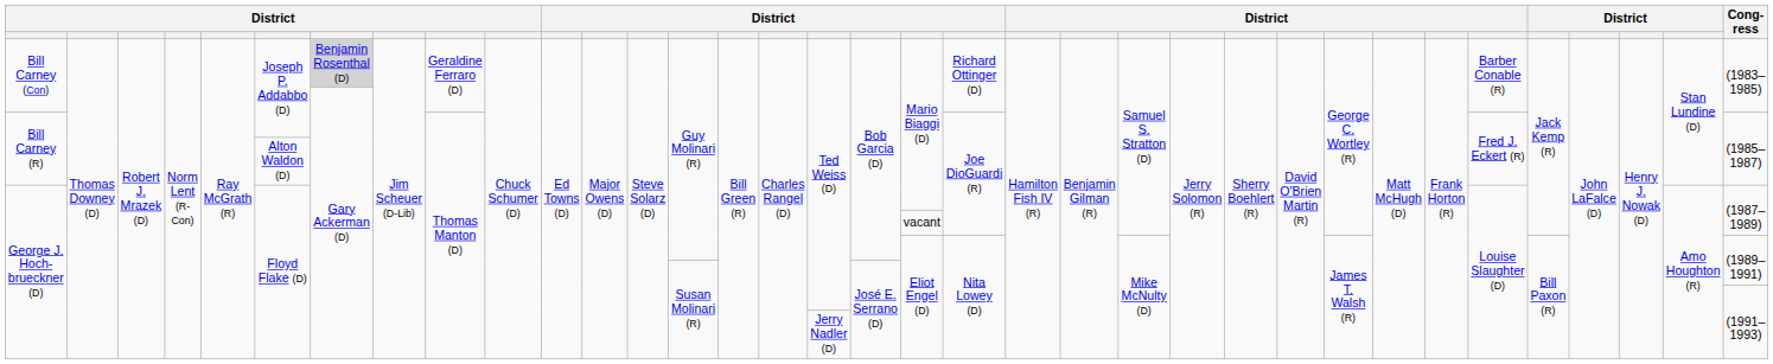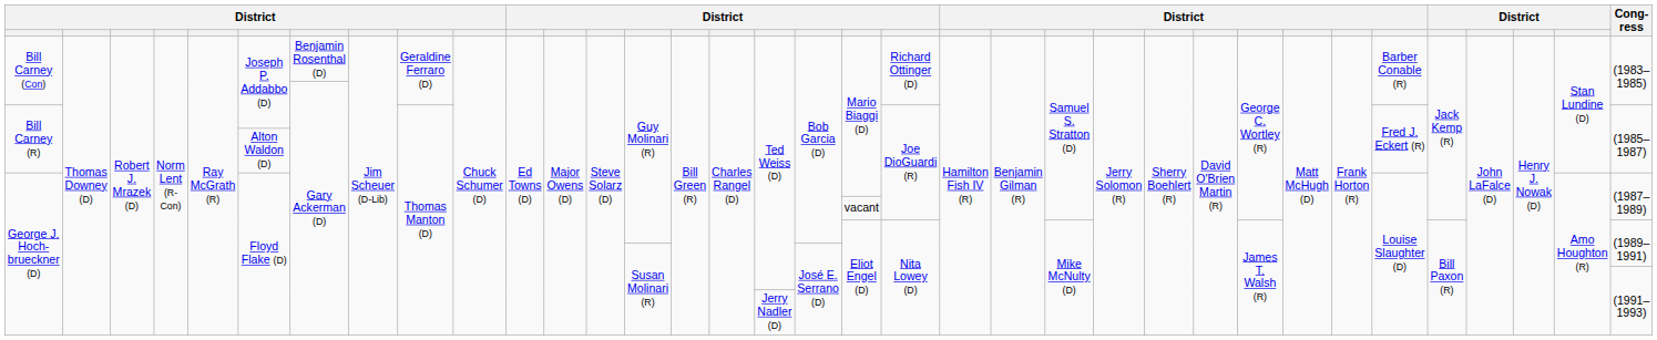 <table class=wikitable style="text-align:center">
 <tr>
 <th colspan=10>District</th>
 <th colspan=10>District</th>
 <th colspan=10>District</th>
 <th colspan=4>District</th>
 <th rowspan=2>Cong­ress</th>
 </tr>
 <tr>
 <th></th>
 <th></th>
 <th></th>
 <th></th>
 <th></th>
 <th></th>
 <th></th>
 <th></th>
 <th></th>
 <th></th>
 <th></th>
 <th></th>
 <th></th>
 <th></th>
 <th></th>
 <th></th>
 <th></th>
 <th></th>
 <th></th>
 <th></th>
 <th></th>
 <th></th>
 <th></th>
 <th></th>
 <th></th>
 <th></th>
 <th></th>
 <th></th>
 <th></th>
 <th></th>
 <th></th>
 <th></th>
 <th></th>
 <th></th>
 </tr>
 <tr style="height:2em">
 <td rowspan=2 ><a href='#'>Bill<br>Carney</a><br><small>(<a href='#'>Con</a>)</small></td>
 <td rowspan=10 ><a href='#'>Thomas<br>Downey</a><br><small>(D)</small></td>
 <td rowspan=10 ><a href='#'>Robert<br>J.<br>Mrazek</a><br><small>(D)</small></td>
 <td rowspan=10 ><a href='#'>Norm<br>Lent</a><br><small>(R-Con)</small></td>
 <td rowspan=10 ><a href='#'>Ray<br>McGrath</a><br><small>(R)</small></td>
 <td rowspan=3 ><a href='#'>Joseph P.<br>Addabbo</a> <small>(D)</small></td>
-<td style="background: lightgrey;"><a href='#'>Benjamin<br>Rosenthal</a> <small>(D)</small></td>
+<td><a href='#'>Benjamin<br>Rosenthal</a> <small>(D)</small></td>
 <td rowspan=10 ><a href='#'>Jim<br>Scheuer</a><br><small>(D-Lib)</small></td>
 <td rowspan=2 ><a href='#'>Geraldine<br>Ferraro</a><br><small>(D)</small></td>
 <td rowspan=10 ><a href='#'>Chuck<br>Schumer</a><br><small>(D)</small></td>
 <td rowspan=10 ><a href='#'>Ed<br>Towns</a><br><small>(D)</small></td>
 <td rowspan=10 ><a href='#'>Major<br>Owens</a><br><small>(D)</small></td>
 <td rowspan=10 ><a href='#'>Steve<br>Solarz</a><br><small>(D)</small></td>
 <td rowspan=7 ><a href='#'>Guy<br>Molinari</a><br><small>(R)</small></td>
 <td rowspan=10 ><a href='#'>Bill<br>Green</a><br><small>(R)</small></td>
 <td rowspan=10 ><a href='#'>Charles<br>Rangel</a><br><small>(D)</small></td>
 <td rowspan=9 ><a href='#'>Ted<br>Weiss</a> <small>(D)</small></td>
 <td rowspan=7 ><a href='#'>Bob<br>Garcia</a><br><small>(D)</small></td>
 <td rowspan=5 ><a href='#'>Mario<br>Biaggi</a><br><small>(D)</small></td>
 <td rowspan=2 ><a href='#'>Richard<br>Ottinger</a><br><small>(D)</small></td>
 <td rowspan=10 ><a href='#'>Hamilton<br>Fish IV</a><br><small>(R)</small></td>
 <td rowspan=10 ><a href='#'>Benjamin<br>Gilman</a><br><small>(R)</small></td>
 <td rowspan=6 ><a href='#'>Samuel<br>S.<br>Stratton</a><br><small>(D)</small></td>
 <td rowspan=10 ><a href='#'>Jerry<br>Solomon</a><br><small>(R)</small></td>
 <td rowspan=10 ><a href='#'>Sherry<br>Boehlert</a><br><small>(R)</small></td>
 <td rowspan=10 ><a href='#'>David<br>O'Brien<br>Martin</a><br><small>(R)</small></td>
 <td rowspan=6 ><a href='#'>George<br>C.<br>Wortley</a><br><small>(R)</small></td>
 <td rowspan=10 ><a href='#'>Matt<br>McHugh</a><br><small>(D)</small></td>
 <td rowspan=10 ><a href='#'>Frank<br>Horton</a><br><small>(R)</small></td>
 <td rowspan=2 ><a href='#'>Barber<br>Conable</a><br><small>(R)</small></td>
 <td rowspan=6 ><a href='#'>Jack<br>Kemp</a><br><small>(R)</small></td>
 <td rowspan=10 ><a href='#'>John<br>LaFalce</a><br><small>(D)</small></td>
 <td rowspan=10 ><a href='#'>Henry<br>J.<br>Nowak</a><br><small>(D)</small></td>
 <td rowspan=4 ><a href='#'>Stan<br>Lundine</a><br><small>(D)</small></td>
 <td rowspan=2><strong></strong><br>(1983–1985)</td>
 </tr>
 <tr style="height:2em">
 <td rowspan=9 ><a href='#'>Gary<br>Ackerman</a><br><small>(D)</small></td>
 </tr>
 <tr style="height:2em">
 <td rowspan=2 ><a href='#'>Bill<br>Carney</a> <small>(R)</small></td>
 <td rowspan=8 ><a href='#'>Thomas<br>Manton</a><br><small>(D)</small></td>
 <td rowspan=4 ><a href='#'>Joe<br>DioGuardi</a><br><small>(R)</small></td>
 <td rowspan=2 ><a href='#'>Fred J.<br>Eckert</a> <small>(R)</small></td>
 <td rowspan=2><strong></strong><br>(1985–1987)</td>
 </tr>
 <tr style="height:2em">
 <td><a href='#'>Alton Waldon</a> <small>(D)</small></td>
 </tr>
 <tr style="height:2em">
 <td rowspan=6 ><a href='#'>George J.<br>Hoch-<br>brueckner</a><br><small>(D)</small></td>
 <td rowspan=6 ><a href='#'>Floyd<br>Flake</a> <small>(D)</small></td>
 <td rowspan=6 ><a href='#'>Louise<br>Slaughter</a><br><small>(D)</small></td>
 <td rowspan=6 ><a href='#'>Amo<br>Houghton</a><br><small>(R)</small></td>
 <td rowspan=2><strong></strong><br>(1987–1989)</td>
 </tr>
 <tr style="height:2em">
 <td>vacant</td>
 </tr>
 <tr style="height:2em">
 <td rowspan=4 ><a href='#'>Eliot<br>Engel</a><br><small>(D)</small></td>
 <td rowspan=4 ><a href='#'>Nita<br>Lowey</a><br><small>(D)</small></td>
 <td rowspan=4 ><a href='#'>Mike<br>McNulty</a><br><small>(D)</small></td>
 <td rowspan=4 ><a href='#'>James<br>T.<br>Walsh</a><br><small>(R)</small></td>
 <td rowspan=4 ><a href='#'>Bill<br>Paxon</a><br><small>(R)</small></td>
 <td rowspan=2><strong></strong><br>(1989–1991)</td>
 </tr>
 <tr style="height:2em">
 <td rowspan=3 ><a href='#'>Susan<br>Molinari</a><br><small>(R)</small></td>
 <td rowspan=3 ><a href='#'>José E.<br>Serrano</a><br><small>(D)</small></td>
 </tr>
 <tr style="height:2em">
 <td rowspan=2><strong></strong><br>(1991–1993)</td>
 </tr>
 <tr style="height:2em">
 <td><a href='#'>Jerry Nadler</a> <small>(D)</small></td>
 </tr>
 </table>
